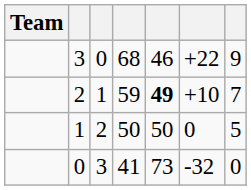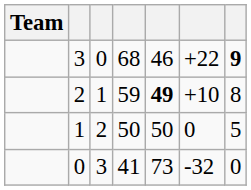 <table class="wikitable">
 <tr>
 <th>Team</th>
 <th></th>
 <th></th>
 <th></th>
 <th></th>
 <th></th>
 <th></th>
 </tr>
 <tr>
 <td></td>
 <td>3</td>
 <td>0</td>
 <td>68</td>
 <td>46</td>
 <td>+22</td>
-<td>9</td>
+<td><strong>9</strong></td>
 </tr>
 <tr>
 <td></td>
 <td>2</td>
 <td>1</td>
 <td>59</td>
 <td><strong>49</strong></td>
 <td>+10</td>
-<td>7</td>
+<td>8</td>
 </tr>
 <tr>
 <td></td>
 <td>1</td>
 <td>2</td>
 <td>50</td>
 <td>50</td>
 <td>0</td>
 <td>5</td>
 </tr>
 <tr>
 <td></td>
 <td>0</td>
 <td>3</td>
 <td>41</td>
 <td>73</td>
 <td>-32</td>
 <td>0</td>
 </tr>
 </table>
